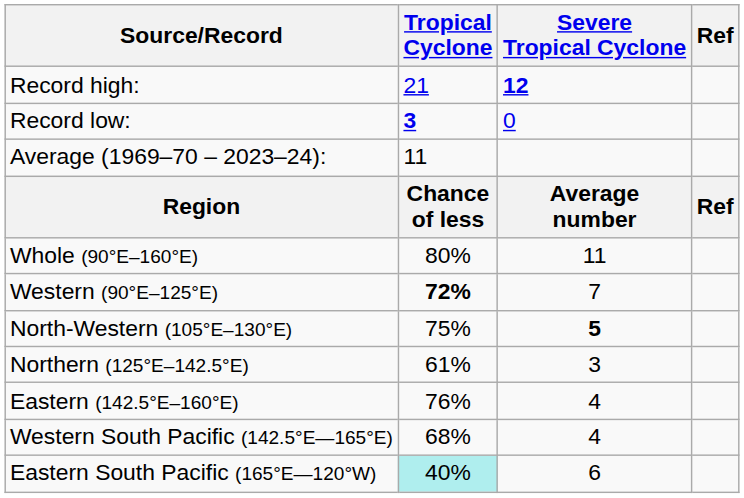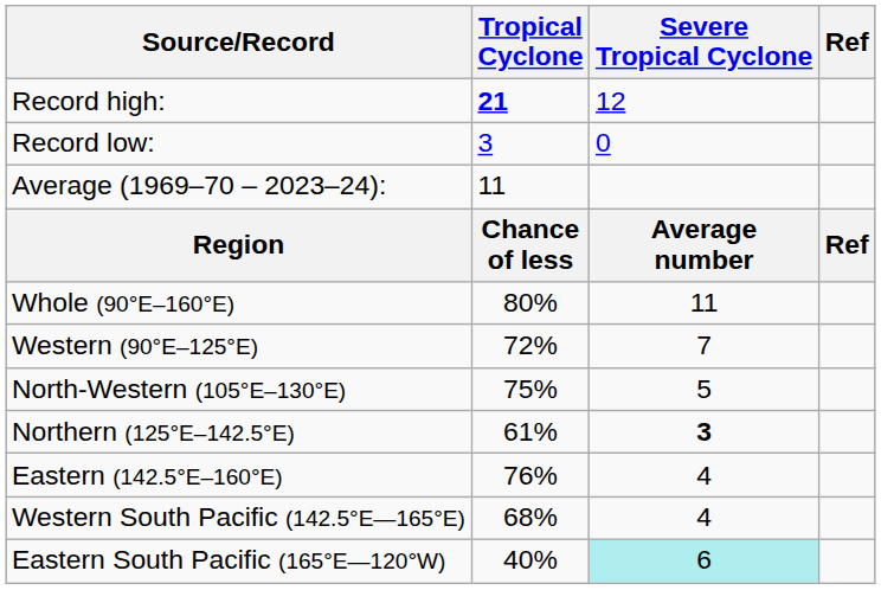 <table class="wikitable" align="right" style="margin:0 0 0.5em 1em;">
 <tr>
 <th colspan=2>Source/Record</th>
 <th><a href='#'>Tropical<br>Cyclone</a></th>
 <th><a href='#'>Severe<br>Tropical Cyclone</a></th>
 <th>Ref</th>
 </tr>
 <tr>
 <td colspan=2>Record high:</td>
-<td><a href='#'>21</a></td>
-<td><strong><a href='#'>12</a></strong></td>
+<td><strong><a href='#'>21</a></strong></td>
+<td><a href='#'>12</a></td>
 <td></td>
 </tr>
 <tr>
 <td colspan=2>Record low:</td>
-<td><strong><a href='#'>3</a></strong></td>
+<td><a href='#'>3</a></td>
 <td><a href='#'>0</a></td>
 <td></td>
 </tr>
 <tr>
 <td colspan=2>Average (1969–70 – 2023–24):</td>
 <td>11</td>
 <td></td>
 <td></td>
 </tr>
 <tr>
 <th colspan=2>Region</th>
 <th>Chance<br>of less</th>
 <th>Average<br>number</th>
 <th>Ref</th>
 </tr>
 <tr>
 <td colspan=2>Whole <small>(90°E–160°E)</small></td>
 <td style="text-align:center;">80%</td>
 <td style="text-align:center;">11</td>
 <td></td>
 </tr>
 <tr>
 <td colspan=2>Western <small>(90°E–125°E)</small></td>
-<td style="text-align:center;"><strong>72%</strong></td>
+<td style="text-align:center;">72%</td>
 <td style="text-align:center;">7</td>
 <td></td>
 </tr>
 <tr>
 <td colspan=2>North-Western <small>(105°E–130°E)</small></td>
 <td style="text-align:center;">75%</td>
-<td style="text-align:center;"><strong>5</strong></td>
+<td style="text-align:center;">5</td>
 <td></td>
 </tr>
 <tr>
 <td colspan=2>Northern <small>(125°E–142.5°E)</small></td>
 <td style="text-align:center;">61%</td>
-<td style="text-align:center;">3</td>
+<td style="text-align:center;"><strong>3</strong></td>
 <td></td>
 </tr>
 <tr>
 <td colspan=2>Eastern <small>(142.5°E–160°E)</small></td>
 <td style="text-align:center;">76%</td>
 <td style="text-align:center;">4</td>
 <td></td>
 </tr>
 <tr>
 <td colspan=2>Western South Pacific <small>(142.5°E—165°E)</small></td>
 <td style="text-align:center;">68%</td>
 <td style="text-align:center;">4</td>
 <td></td>
 </tr>
 <tr>
 <td colspan=2>Eastern South Pacific <small>(165°E—120°W)</small></td>
-<td style="background: paleturquoise; text-align:center;">40%</td>
-<td style="text-align:center;">6</td>
+<td style="text-align:center;">40%</td>
+<td style="background: paleturquoise; text-align:center;">6</td>
 <td></td>
 </tr>
 </table>
